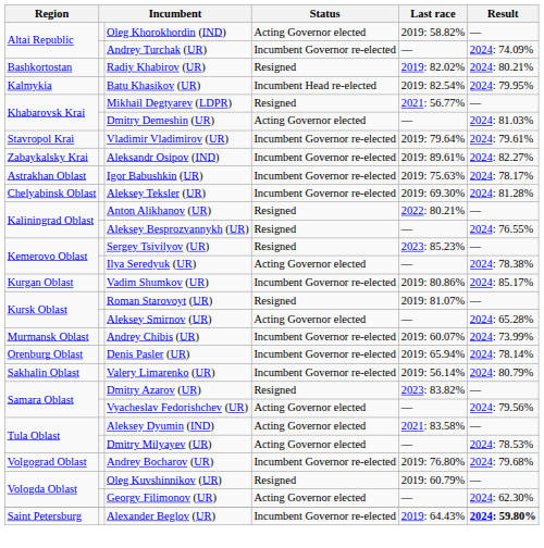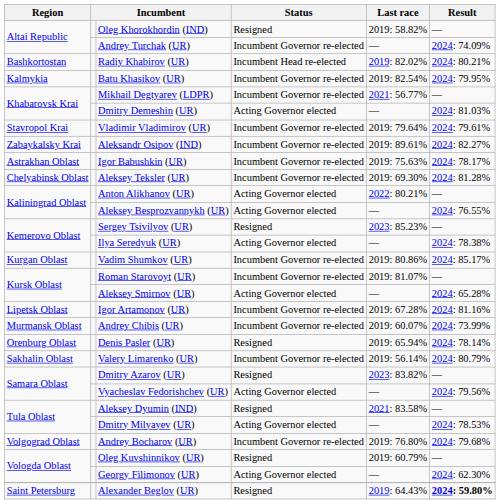 <table class="wikitable">
 <tr>
 <th>Region</th>
 <th colspan=2>Incumbent</th>
 <th>Status</th>
 <th>Last race</th>
 <th>Result</th>
 </tr>
 <tr>
 <td rowspan=2><a href='#'>Altai Republic</a></td>
 <td style="background-color:"></td>
 <td><a href='#'>Oleg Khorokhordin</a> (<a href='#'>IND</a>)</td>
-<td>Acting Governor elected</td>
+<td>Resigned</td>
 <td>2019: 58.82%</td>
 <td>—</td>
 </tr>
 <tr>
 <td style="background-color:"></td>
 <td><a href='#'>Andrey Turchak</a> (<a href='#'>UR</a>)</td>
 <td>Incumbent Governor re-elected</td>
 <td>—</td>
 <td><a href='#'>2024</a>: 74.09%</td>
 </tr>
 <tr>
 <td><a href='#'>Bashkortostan</a></td>
 <td style="background-color:"></td>
 <td><a href='#'>Radiy Khabirov</a> (<a href='#'>UR</a>)</td>
-<td>Resigned</td>
+<td>Incumbent Head re-elected</td>
 <td><a href='#'>2019</a>: 82.02%</td>
 <td><a href='#'>2024</a>: 80.21%</td>
 </tr>
 <tr>
 <td><a href='#'>Kalmykia</a></td>
 <td style="background-color:"></td>
 <td><a href='#'>Batu Khasikov</a> (<a href='#'>UR</a>)</td>
-<td>Incumbent Head re-elected</td>
+<td>Incumbent Governor re-elected</td>
 <td>2019: 82.54%</td>
 <td><a href='#'>2024</a>: 79.95%</td>
 </tr>
 <tr>
 <td rowspan=2><a href='#'>Khabarovsk Krai</a></td>
 <td style="background-color:"></td>
 <td><a href='#'>Mikhail Degtyarev</a> (<a href='#'>LDPR</a>)</td>
-<td>Resigned</td>
+<td>Incumbent Governor re-elected</td>
 <td><a href='#'>2021</a>: 56.77%</td>
 <td>—</td>
 </tr>
 <tr>
 <td style="background-color:"></td>
 <td><a href='#'>Dmitry Demeshin</a> (<a href='#'>UR</a>)</td>
 <td>Acting Governor elected</td>
 <td>—</td>
 <td><a href='#'>2024</a>: 81.03%</td>
 </tr>
 <tr>
 <td><a href='#'>Stavropol Krai</a></td>
 <td style="background-color:"></td>
 <td><a href='#'>Vladimir Vladimirov</a> (<a href='#'>UR</a>)</td>
 <td>Incumbent Governor re-elected</td>
 <td>2019: 79.64%</td>
 <td><a href='#'>2024</a>: 79.61%</td>
 </tr>
 <tr>
 <td><a href='#'>Zabaykalsky Krai</a></td>
 <td style="background-color:"></td>
 <td><a href='#'>Aleksandr Osipov</a> (<a href='#'>IND</a>)</td>
 <td>Incumbent Governor re-elected</td>
 <td>2019: 89.61%</td>
 <td><a href='#'>2024</a>: 82.27%</td>
 </tr>
 <tr>
 <td><a href='#'>Astrakhan Oblast</a></td>
 <td style="background-color:"></td>
 <td><a href='#'>Igor Babushkin</a> (<a href='#'>UR</a>)</td>
 <td>Incumbent Governor re-elected</td>
 <td>2019: 75.63%</td>
 <td><a href='#'>2024</a>: 78.17%</td>
 </tr>
 <tr>
 <td><a href='#'>Chelyabinsk Oblast</a></td>
 <td style="background-color:"></td>
 <td><a href='#'>Aleksey Teksler</a> (<a href='#'>UR</a>)</td>
 <td>Incumbent Governor re-elected</td>
 <td>2019: 69.30%</td>
 <td><a href='#'>2024</a>: 81.28%</td>
 </tr>
 <tr>
 <td rowspan=2><a href='#'>Kaliningrad Oblast</a></td>
 <td style="background-color:"></td>
 <td><a href='#'>Anton Alikhanov</a> (<a href='#'>UR</a>)</td>
-<td>Resigned</td>
+<td>Acting Governor elected</td>
 <td><a href='#'>2022</a>: 80.21%</td>
 <td>—</td>
 </tr>
 <tr>
 <td style="background-color:"></td>
 <td><a href='#'>Aleksey Besprozvannykh</a> (<a href='#'>UR</a>)</td>
-<td>Resigned</td>
+<td>Acting Governor elected</td>
 <td>—</td>
 <td><a href='#'>2024</a>: 76.55%</td>
 </tr>
 <tr>
 <td rowspan=2><a href='#'>Kemerovo Oblast</a></td>
 <td style="background-color:"></td>
 <td><a href='#'>Sergey Tsivilyov</a> (<a href='#'>UR</a>)</td>
 <td>Resigned</td>
 <td><a href='#'>2023</a>: 85.23%</td>
 <td>—</td>
 </tr>
 <tr>
 <td style="background-color:"></td>
 <td><a href='#'>Ilya Seredyuk</a> (<a href='#'>UR</a>)</td>
 <td>Acting Governor elected</td>
 <td>—</td>
 <td><a href='#'>2024</a>: 78.38%</td>
 </tr>
 <tr>
 <td><a href='#'>Kurgan Oblast</a></td>
 <td style="background-color:"></td>
 <td><a href='#'>Vadim Shumkov</a> (<a href='#'>UR</a>)</td>
 <td>Incumbent Governor re-elected</td>
 <td>2019: 80.86%</td>
 <td><a href='#'>2024</a>: 85.17%</td>
 </tr>
 <tr>
 <td rowspan=2><a href='#'>Kursk Oblast</a></td>
 <td style="background-color:"></td>
 <td><a href='#'>Roman Starovoyt</a> (<a href='#'>UR</a>)</td>
-<td>Resigned</td>
+<td>Incumbent Governor re-elected</td>
 <td>2019: 81.07%</td>
 <td>—</td>
 </tr>
 <tr>
 <td style="background-color:"></td>
 <td><a href='#'>Aleksey Smirnov</a> (<a href='#'>UR</a>)</td>
 <td>Acting Governor elected</td>
 <td>—</td>
 <td><a href='#'>2024</a>: 65.28%</td>
+</tr>
+<tr>
+<td><a href='#'>Lipetsk Oblast</a></td>
+<td style="background-color:"></td>
+<td><a href='#'>Igor Artamonov</a> (<a href='#'>UR</a>)</td>
+<td>Incumbent Governor re-elected</td>
+<td>2019: 67.28%</td>
+<td><a href='#'>2024</a>: 81.16%</td>
 </tr>
 <tr>
 <td><a href='#'>Murmansk Oblast</a></td>
 <td style="background-color:"></td>
 <td><a href='#'>Andrey Chibis</a> (<a href='#'>UR</a>)</td>
 <td>Incumbent Governor re-elected</td>
 <td>2019: 60.07%</td>
 <td><a href='#'>2024</a>: 73.99%</td>
 </tr>
 <tr>
 <td><a href='#'>Orenburg Oblast</a></td>
 <td style="background-color:"></td>
 <td><a href='#'>Denis Pasler</a> (<a href='#'>UR</a>)</td>
-<td>Incumbent Governor re-elected</td>
+<td>Resigned</td>
 <td>2019: 65.94%</td>
 <td><a href='#'>2024</a>: 78.14%</td>
 </tr>
 <tr>
 <td><a href='#'>Sakhalin Oblast</a></td>
 <td style="background-color:"></td>
 <td><a href='#'>Valery Limarenko</a> (<a href='#'>UR</a>)</td>
 <td>Incumbent Governor re-elected</td>
 <td>2019: 56.14%</td>
 <td><a href='#'>2024</a>: 80.79%</td>
 </tr>
 <tr>
 <td rowspan=2><a href='#'>Samara Oblast</a></td>
 <td style="background-color:"></td>
 <td><a href='#'>Dmitry Azarov</a> (<a href='#'>UR</a>)</td>
 <td>Resigned</td>
 <td><a href='#'>2023</a>: 83.82%</td>
 <td>—</td>
 </tr>
 <tr>
 <td style="background-color:"></td>
 <td><a href='#'>Vyacheslav Fedorishchev</a> (<a href='#'>UR</a>)</td>
 <td>Acting Governor elected</td>
 <td>—</td>
 <td><a href='#'>2024</a>: 79.56%</td>
 </tr>
 <tr>
 <td rowspan=2><a href='#'>Tula Oblast</a></td>
 <td style="background-color:"></td>
 <td><a href='#'>Aleksey Dyumin</a> (<a href='#'>IND</a>)</td>
-<td>Acting Governor elected</td>
+<td>Resigned</td>
 <td><a href='#'>2021</a>: 83.58%</td>
 <td>—</td>
 </tr>
 <tr>
 <td style="background-color:"></td>
 <td><a href='#'>Dmitry Milyayev</a> (<a href='#'>UR</a>)</td>
 <td>Acting Governor elected</td>
 <td>—</td>
 <td><a href='#'>2024</a>: 78.53%</td>
 </tr>
 <tr>
 <td><a href='#'>Volgograd Oblast</a></td>
 <td style="background-color:"></td>
 <td><a href='#'>Andrey Bocharov</a> (<a href='#'>UR</a>)</td>
 <td>Incumbent Governor re-elected</td>
 <td>2019: 76.80%</td>
 <td><a href='#'>2024</a>: 79.68%</td>
 </tr>
 <tr>
 <td rowspan=2><a href='#'>Vologda Oblast</a></td>
 <td style="background-color:"></td>
 <td><a href='#'>Oleg Kuvshinnikov</a> (<a href='#'>UR</a>)</td>
 <td>Resigned</td>
 <td>2019: 60.79%</td>
 <td>—</td>
 </tr>
 <tr>
 <td style="background-color:"></td>
 <td><a href='#'>Georgy Filimonov</a> (<a href='#'>UR</a>)</td>
 <td>Acting Governor elected</td>
 <td>—</td>
 <td><a href='#'>2024</a>: 62.30%</td>
 </tr>
 <tr>
 </tr>
 <tr>
 <td><a href='#'>Saint Petersburg</a></td>
 <td style="background-color:"></td>
 <td><a href='#'>Alexander Beglov</a> (<a href='#'>UR</a>)</td>
-<td>Incumbent Governor re-elected</td>
+<td>Resigned</td>
 <td><a href='#'>2019</a>: 64.43%</td>
 <td><strong><a href='#'>2024</a>: 59.80%</strong></td>
 </tr>
 </table>
